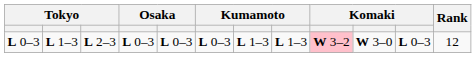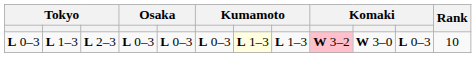 <table class="wikitable" style="font-size:100%;">
 <tr>
 <th colspan=3>Tokyo</th>
 <th colspan=2>Osaka</th>
 <th colspan=3>Kumamoto</th>
 <th colspan=3>Komaki</th>
 <th rowspan=2>Rank</th>
 </tr>
 <tr>
 <th></th>
 <th></th>
 <th></th>
 <th></th>
 <th></th>
 <th></th>
 <th></th>
 <th></th>
 <th></th>
 <th></th>
 <th></th>
 </tr>
 <tr align=center>
 <td><strong>L</strong> 0–3</td>
 <td><strong>L</strong> 1–3</td>
 <td><strong>L</strong> 2–3</td>
 <td><strong>L</strong> 0–3</td>
 <td><strong>L</strong> 0–3</td>
 <td><strong>L</strong> 0–3</td>
-<td><strong>L</strong> 1–3</td>
+<td style="background: lightyellow;"><strong>L</strong> 1–3</td>
 <td><strong>L</strong> 1–3</td>
 <td style="background: pink;"><strong>W</strong> 3–2</td>
 <td><strong>W</strong> 3–0</td>
 <td><strong>L</strong> 0–3</td>
-<td>12</td>
+<td>10</td>
 </tr>
 </table>
